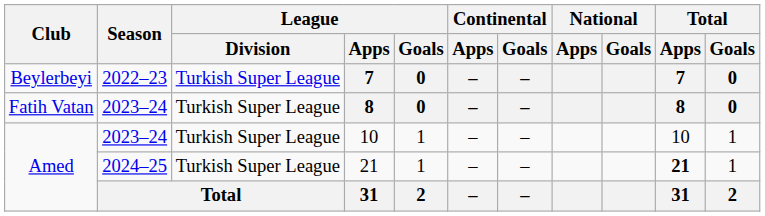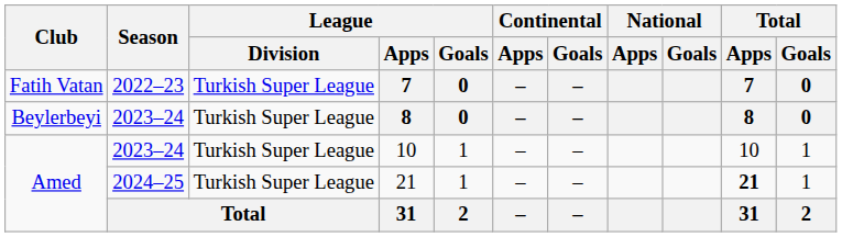 <table class="wikitable" style="text-align: center;">
 <tr>
 <th rowspan=2>Club</th>
 <th rowspan=2>Season</th>
 <th colspan=3>League</th>
 <th colspan=2>Continental</th>
 <th colspan=2>National</th>
 <th colspan=2>Total</th>
 </tr>
 <tr>
 <th>Division</th>
 <th>Apps</th>
 <th>Goals</th>
 <th>Apps</th>
 <th>Goals</th>
 <th>Apps</th>
 <th>Goals</th>
 <th>Apps</th>
 <th>Goals</th>
 </tr>
 <tr>
-<td><a href='#'>Beylerbeyi</a></td>
+<td><a href='#'>Fatih Vatan</a></td>
 <td><a href='#'>2022–23</a></td>
 <td><a href='#'>Turkish Super League</a></td>
 <th>7</th>
 <th>0</th>
 <th>–</th>
 <th>–</th>
 <th></th>
 <th></th>
 <th>7</th>
 <th>0</th>
 </tr>
 <tr>
-<td><a href='#'>Fatih Vatan</a></td>
+<td><a href='#'>Beylerbeyi</a></td>
 <td><a href='#'>2023–24</a></td>
 <td>Turkish Super League</td>
 <th>8</th>
 <th>0</th>
 <th>–</th>
 <th>–</th>
 <th></th>
 <th></th>
 <th>8</th>
 <th>0</th>
 </tr>
 <tr>
 <td rowspan=3><a href='#'>Amed</a></td>
 <td><a href='#'>2023–24</a></td>
 <td>Turkish Super League</td>
 <td>10</td>
 <td>1</td>
 <td>–</td>
 <td>–</td>
 <td></td>
 <td></td>
 <td>10</td>
 <td>1</td>
 </tr>
 <tr>
 <td><a href='#'>2024–25</a></td>
 <td>Turkish Super League</td>
 <td>21</td>
 <td>1</td>
 <td>–</td>
 <td>–</td>
 <td></td>
 <td></td>
 <td><strong>21</strong></td>
 <td>1</td>
 </tr>
 <tr>
 <th colspan=2>Total</th>
 <th>31</th>
 <th>2</th>
 <th>–</th>
 <th>–</th>
 <th></th>
 <th></th>
 <th>31</th>
 <th>2</th>
 </tr>
 </table>
